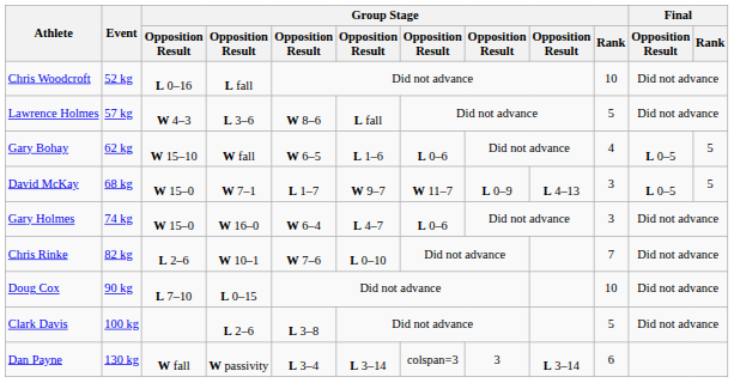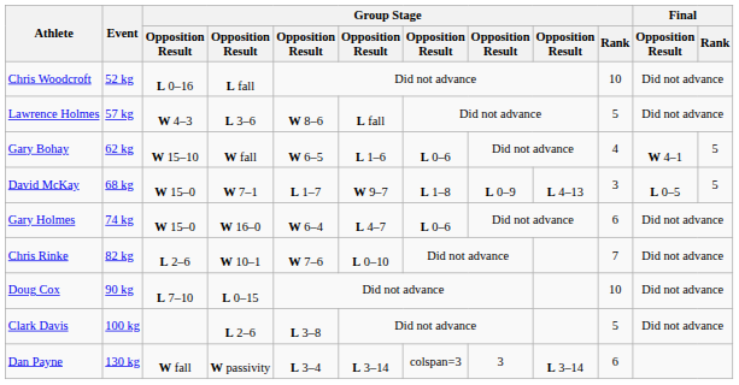 <table class=wikitable style="font-size:90%">
 <tr>
 <th rowspan="2">Athlete</th>
 <th rowspan="2">Event</th>
 <th colspan="8">Group Stage</th>
 <th colspan=2>Final</th>
 </tr>
 <tr>
 <th>Opposition<br>Result</th>
 <th>Opposition<br>Result</th>
 <th>Opposition<br>Result</th>
 <th>Opposition<br>Result</th>
 <th>Opposition<br>Result</th>
 <th>Opposition<br>Result</th>
 <th>Opposition<br>Result</th>
 <th>Rank</th>
 <th>Opposition<br>Result</th>
 <th>Rank</th>
 </tr>
 <tr align=center>
 <td align=left><a href='#'>Chris Woodcroft</a></td>
 <td align=left><a href='#'>52 kg</a></td>
 <td><br><strong>L</strong> 0–16</td>
 <td><br><strong>L</strong> fall</td>
 <td colspan=5>Did not advance</td>
 <td>10</td>
 <td colspan=2>Did not advance</td>
 </tr>
 <tr align=center>
 <td align=left><a href='#'>Lawrence Holmes</a></td>
 <td align=left><a href='#'>57 kg</a></td>
 <td><br><strong>W</strong> 4–3</td>
 <td><br><strong>L</strong> 3–6</td>
 <td><br><strong>W</strong> 8–6</td>
 <td><br><strong>L</strong> fall</td>
 <td colspan=3>Did not advance</td>
 <td>5</td>
 <td colspan=2>Did not advance</td>
 </tr>
 <tr align=center>
 <td align=left><a href='#'>Gary Bohay</a></td>
 <td align=left><a href='#'>62 kg</a></td>
 <td><br><strong>W</strong> 15–10</td>
 <td><br><strong>W</strong> fall</td>
 <td><br><strong>W</strong> 6–5</td>
 <td><br><strong>L</strong> 1–6</td>
 <td><br><strong>L</strong> 0–6</td>
 <td colspan=2>Did not advance</td>
 <td>4</td>
-<td><br><strong>L</strong> 0–5</td>
+<td><br><strong>W</strong> 4–1</td>
 <td>5</td>
 </tr>
 <tr align=center>
 <td align=left><a href='#'>David McKay</a></td>
 <td align=left><a href='#'>68 kg</a></td>
 <td><br><strong>W</strong> 15–0</td>
 <td><br><strong>W</strong> 7–1</td>
 <td><br><strong>L</strong> 1–7</td>
 <td><br><strong>W</strong> 9–7</td>
-<td><br><strong>W</strong> 11–7</td>
+<td><br><strong>L</strong> 1–8</td>
 <td><br><strong>L</strong> 0–9</td>
 <td><br><strong>L</strong> 4–13</td>
 <td>3</td>
 <td><br><strong>L</strong> 0–5</td>
 <td>5</td>
 </tr>
 <tr align=center>
 <td align=left><a href='#'>Gary Holmes</a></td>
 <td align=left><a href='#'>74 kg</a></td>
 <td><br><strong>W</strong> 15–0</td>
 <td><br><strong>W</strong> 16–0</td>
 <td><br><strong>W</strong> 6–4</td>
 <td><br><strong>L</strong> 4–7</td>
 <td><br><strong>L</strong> 0–6</td>
 <td colspan=2>Did not advance</td>
-<td>3</td>
+<td>6</td>
 <td colspan=2>Did not advance</td>
 </tr>
 <tr align=center>
 <td align=left><a href='#'>Chris Rinke</a></td>
 <td align=left><a href='#'>82 kg</a></td>
 <td><br><strong>L</strong> 2–6</td>
 <td><br><strong>W</strong> 10–1</td>
 <td><br><strong>W</strong> 7–6</td>
 <td><br><strong>L</strong> 0–10</td>
 <td colspan=2>Did not advance</td>
 <td></td>
 <td>7</td>
 <td colspan=2>Did not advance</td>
 </tr>
 <tr align=center>
 <td align=left><a href='#'>Doug Cox</a></td>
 <td align=left><a href='#'>90 kg</a></td>
 <td><br><strong>L</strong> 7–10</td>
 <td><br><strong>L</strong> 0–15</td>
 <td colspan=4>Did not advance</td>
 <td></td>
 <td>10</td>
 <td colspan=2>Did not advance</td>
 </tr>
 <tr align=center>
 <td align=left><a href='#'>Clark Davis</a></td>
 <td align=left><a href='#'>100 kg</a></td>
 <td></td>
 <td><br><strong>L</strong> 2–6</td>
 <td><br><strong>L</strong> 3–8</td>
 <td colspan=3>Did not advance</td>
 <td></td>
 <td>5</td>
 <td colspan=2>Did not advance</td>
 </tr>
 <tr align=center>
 <td align=left><a href='#'>Dan Payne</a></td>
 <td align=left><a href='#'>130 kg</a></td>
 <td><br><strong>W</strong> fall</td>
 <td><br><strong>W</strong> passivity</td>
 <td><br><strong>L</strong> 3–4</td>
 <td><br><strong>L</strong> 3–14</td>
 <td>colspan=3</td>
 <td>3</td>
 <td><br><strong>L</strong> 3–14</td>
 <td>6</td>
 </tr>
 </table>
